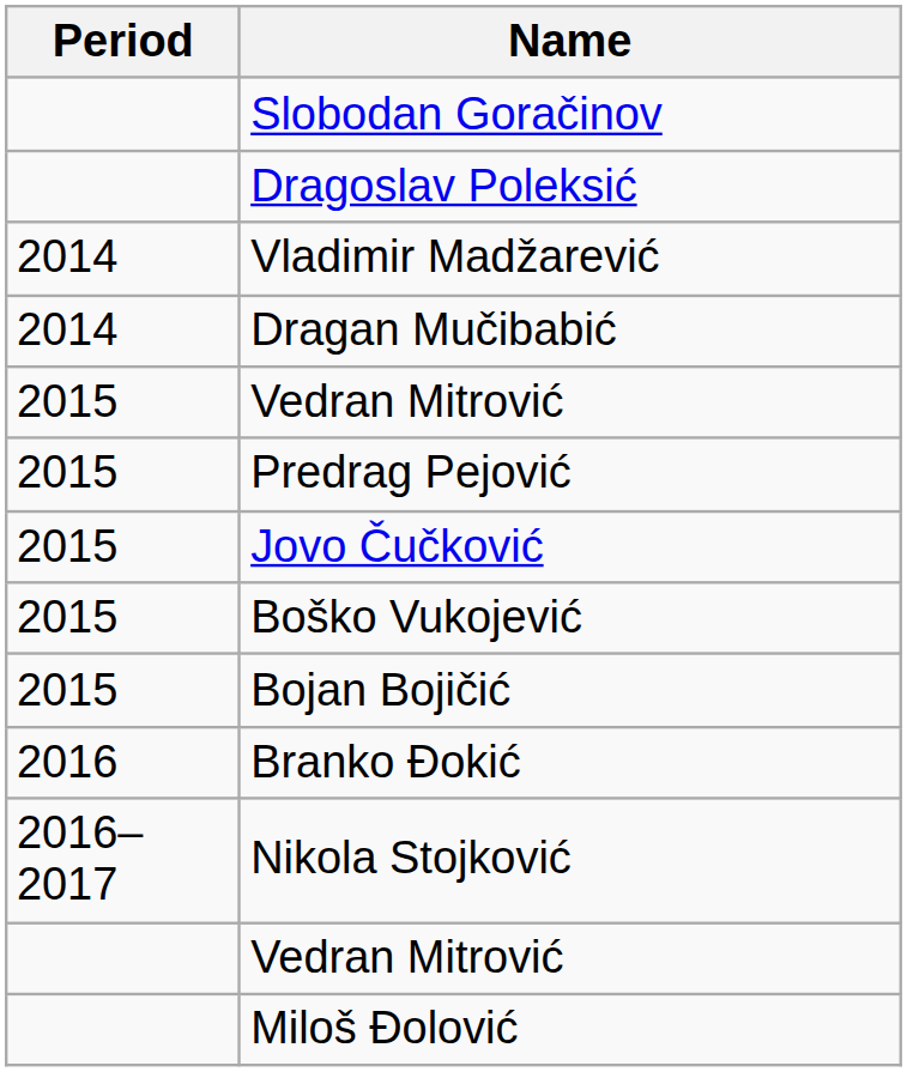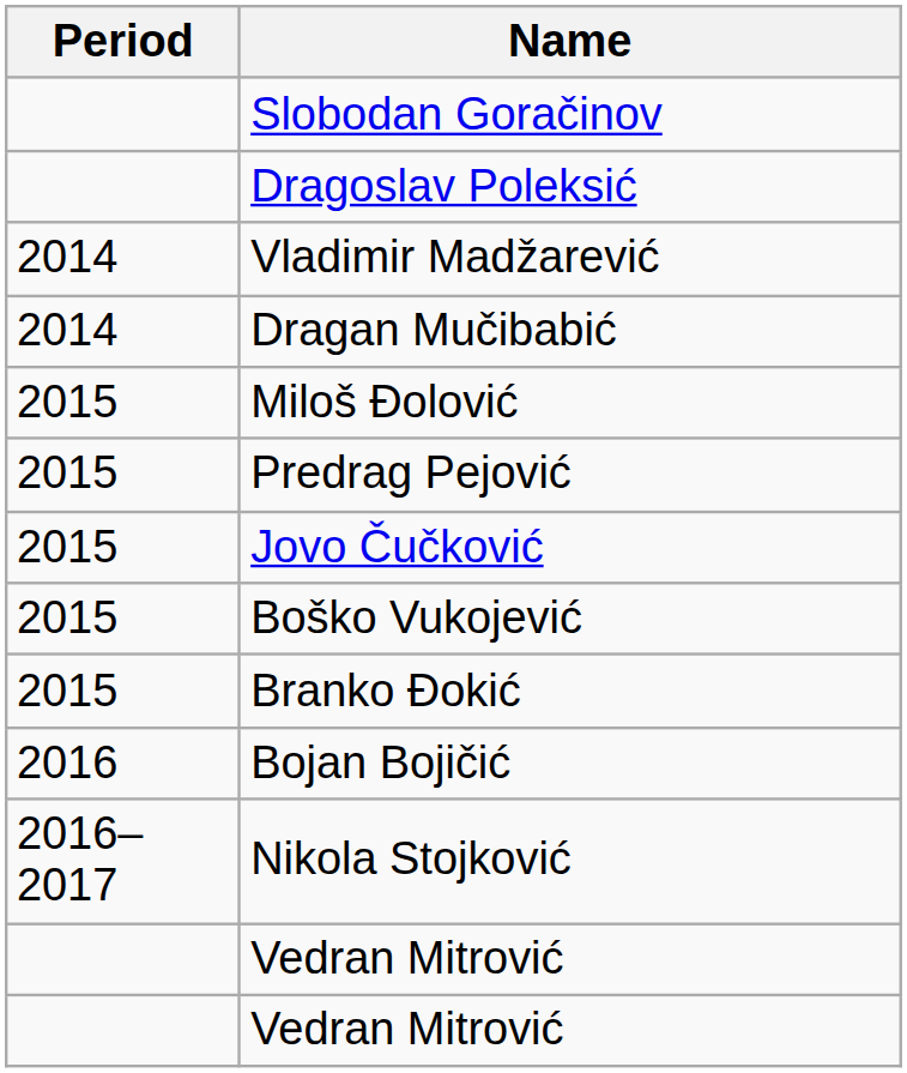 <table class="wikitable">
 <tr>
 <th width="75">Period</th>
 <th width="225">Name</th>
 </tr>
 <tr>
 <td></td>
 <td> <a href='#'>Slobodan Goračinov</a></td>
 </tr>
 <tr>
 <td></td>
 <td> <a href='#'>Dragoslav Poleksić</a></td>
 </tr>
 <tr>
 <td>2014</td>
 <td> Vladimir Madžarević</td>
 </tr>
 <tr>
 <td>2014</td>
 <td> Dragan Mučibabić</td>
 </tr>
 <tr>
 <td>2015</td>
-<td> Vedran Mitrović</td>
+<td> Miloš Đolović</td>
 </tr>
 <tr>
 <td>2015</td>
 <td> Predrag Pejović</td>
 </tr>
 <tr>
 <td>2015</td>
 <td> <a href='#'>Jovo Čučković</a></td>
 </tr>
 <tr>
 <td>2015</td>
 <td> Boško Vukojević</td>
 </tr>
 <tr>
 <td>2015</td>
-<td> Bojan Bojičić</td>
+<td> Branko Đokić</td>
 </tr>
 <tr>
 <td>2016</td>
-<td> Branko Đokić</td>
+<td> Bojan Bojičić</td>
 </tr>
 <tr>
 <td>2016–2017</td>
 <td> Nikola Stojković</td>
 </tr>
 <tr>
 <td></td>
 <td> Vedran Mitrović</td>
 </tr>
 <tr>
 <td></td>
-<td> Miloš Đolović</td>
+<td> Vedran Mitrović</td>
 </tr>
 </table>
